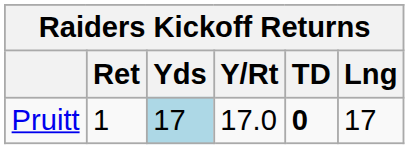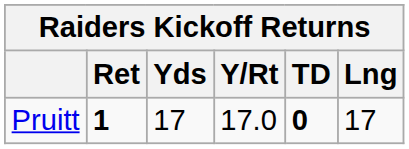 <table class="wikitable">
 <tr>
 <th colspan="6">Raiders Kickoff Returns</th>
 </tr>
 <tr>
 <th></th>
 <th>Ret</th>
 <th>Yds</th>
 <th>Y/Rt</th>
 <th>TD</th>
 <th>Lng</th>
 </tr>
 <tr>
 <td><a href='#'>Pruitt</a></td>
-<td>1</td>
-<td style="background: lightblue;">17</td>
+<td><strong>1</strong></td>
+<td>17</td>
 <td>17.0</td>
 <td><strong>0</strong></td>
 <td>17</td>
 </tr>
 </table>
